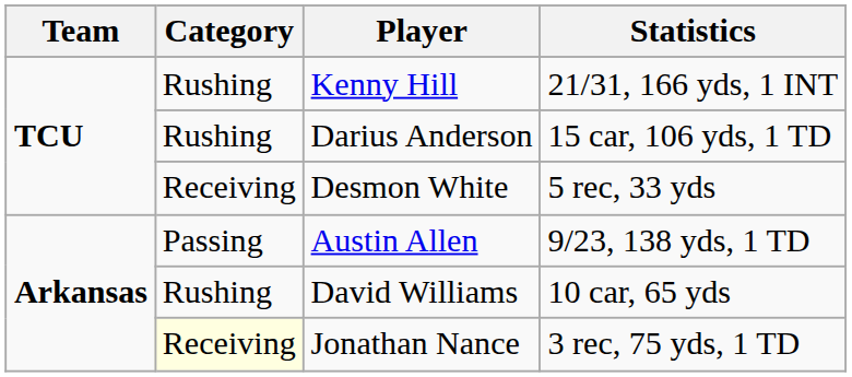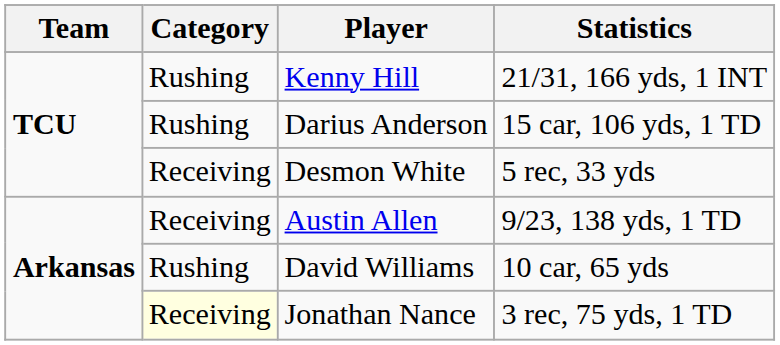 <table class="wikitable" style="float: right;">
 <tr>
 <th>Team</th>
 <th>Category</th>
 <th>Player</th>
 <th>Statistics</th>
 </tr>
 <tr>
 <td rowspan=3><strong>TCU</strong></td>
 <td>Rushing</td>
 <td><a href='#'>Kenny Hill</a></td>
 <td>21/31, 166 yds, 1 INT</td>
 </tr>
 <tr>
 <td>Rushing</td>
 <td>Darius Anderson</td>
 <td>15 car, 106 yds, 1 TD</td>
 </tr>
 <tr>
 <td>Receiving</td>
 <td>Desmon White</td>
 <td>5 rec, 33 yds</td>
 </tr>
 <tr>
 <td rowspan=3><strong>Arkansas</strong></td>
-<td>Passing</td>
+<td>Receiving</td>
 <td><a href='#'>Austin Allen</a></td>
 <td>9/23, 138 yds, 1 TD</td>
 </tr>
 <tr>
 <td>Rushing</td>
 <td>David Williams</td>
 <td>10 car, 65 yds</td>
 </tr>
 <tr>
 <td style="background: lightyellow;">Receiving</td>
 <td>Jonathan Nance</td>
 <td>3 rec, 75 yds, 1 TD</td>
 </tr>
 </table>
